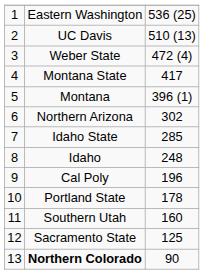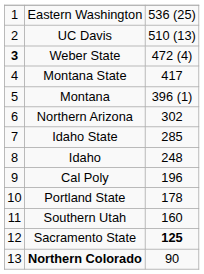 <table class="wikitable" style="display: inline-table;">
 <tr align="center">
 </tr>
 <tr align="center">
 <td>1</td>
 <td>Eastern Washington</td>
 <td>536 (25)</td>
 </tr>
 <tr align="center">
 <td>2</td>
 <td>UC Davis</td>
 <td>510 (13)</td>
 </tr>
 <tr align="center">
-<td>3</td>
+<td><strong>3</strong></td>
 <td>Weber State</td>
 <td>472 (4)</td>
 </tr>
 <tr align="center">
 <td>4</td>
 <td>Montana State</td>
 <td>417</td>
 </tr>
 <tr align="center">
 <td>5</td>
 <td>Montana</td>
 <td>396 (1)</td>
 </tr>
 <tr align="center">
 <td>6</td>
 <td>Northern Arizona</td>
 <td>302</td>
 </tr>
 <tr align="center">
 <td>7</td>
 <td>Idaho State</td>
 <td>285</td>
 </tr>
 <tr align="center">
 <td>8</td>
 <td>Idaho</td>
 <td>248</td>
 </tr>
 <tr align="center">
 <td>9</td>
 <td>Cal Poly</td>
 <td>196</td>
 </tr>
 <tr align="center">
 <td>10</td>
 <td>Portland State</td>
 <td>178</td>
 </tr>
 <tr align="center">
 <td>11</td>
 <td>Southern Utah</td>
 <td>160</td>
 </tr>
 <tr align="center">
 <td>12</td>
 <td>Sacramento State</td>
-<td>125</td>
+<td><strong>125</strong></td>
 </tr>
 <tr align="center">
 <td>13</td>
 <td><strong>Northern Colorado</strong></td>
 <td>90</td>
 </tr>
 </table>
